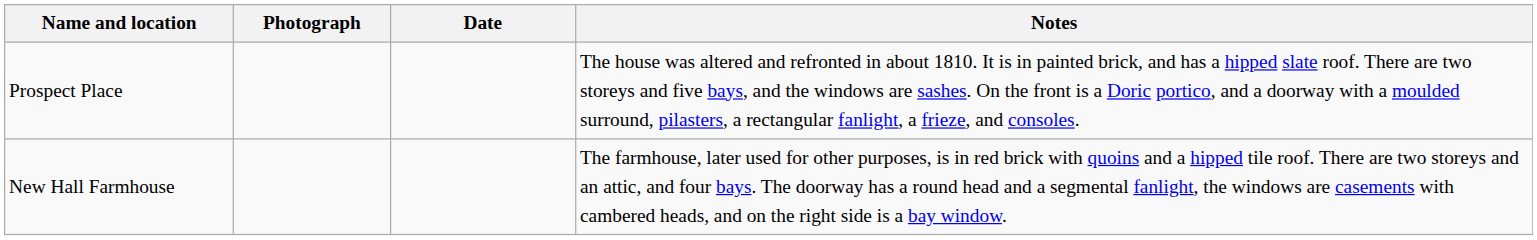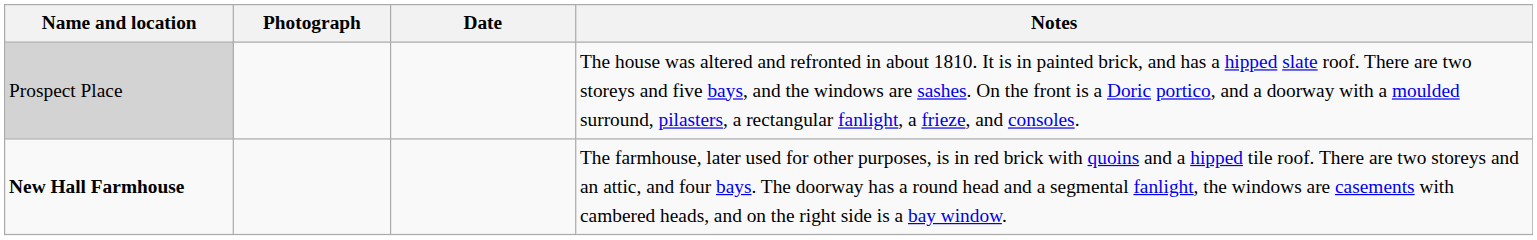 <table class="wikitable sortable plainrowheaders" style="width:100%;border:0px;text-align:left;line-height:150%;">
 <tr>
 <th scope="col"  style="width:150px">Name and location</th>
 <th scope="col"  style="width:100px" class="unsortable">Photograph</th>
 <th scope="col"  style="width:120px">Date</th>
 <th scope="col"  style="width:650px" class="unsortable">Notes</th>
 </tr>
 <tr>
-<td>Prospect Place<br><small></small></td>
+<td style="background: lightgrey;">Prospect Place<br><small></small></td>
 <td></td>
 <td align="center"></td>
 <td>The house was altered and refronted in about 1810.  It is in painted brick, and has a <a href='#'>hipped</a> <a href='#'>slate</a> roof.  There are two storeys and five <a href='#'>bays</a>, and the windows are <a href='#'>sashes</a>.  On the front is a <a href='#'>Doric</a> <a href='#'>portico</a>, and a doorway with a <a href='#'>moulded</a> surround, <a href='#'>pilasters</a>, a rectangular <a href='#'>fanlight</a>, a <a href='#'>frieze</a>, and <a href='#'>consoles</a>.</td>
 </tr>
 <tr>
-<td>New Hall Farmhouse<br><small></small></td>
+<td><strong>New Hall Farmhouse<br><small></small></strong></td>
 <td></td>
 <td align="center"></td>
 <td>The farmhouse, later used for other purposes, is in red brick with <a href='#'>quoins</a> and a <a href='#'>hipped</a> tile roof.  There are two storeys and an attic, and four <a href='#'>bays</a>.  The doorway has a round head and a segmental <a href='#'>fanlight</a>, the windows are <a href='#'>casements</a> with cambered heads, and on the right side is a <a href='#'>bay window</a>.</td>
 </tr>
 <tr>
 </tr>
 </table>
